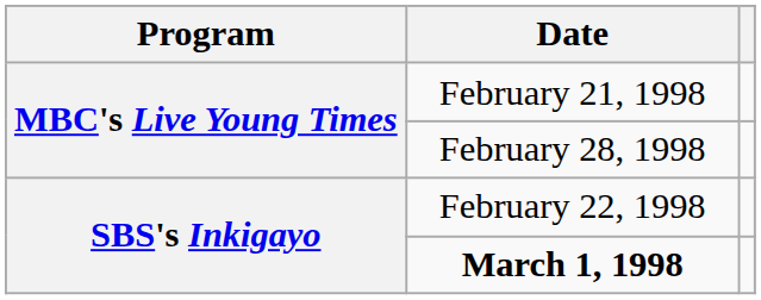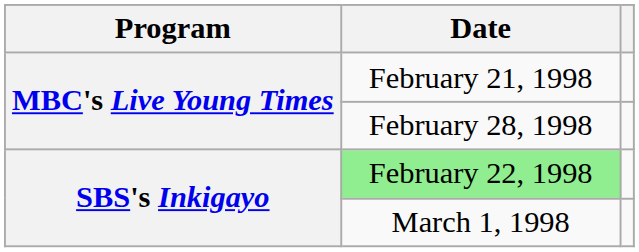 <table class="wikitable plainrowheaders" style="text-align:center">
 <tr>
 <th>Program</th>
 <th width="140">Date</th>
 <th class="unsortable"></th>
 </tr>
 <tr>
 <th scope="row" rowspan="2"><a href='#'>MBC</a>'s <em><a href='#'>Live Young Times</a></em></th>
 <td>February 21, 1998</td>
 <td></td>
 </tr>
 <tr>
 <td>February 28, 1998</td>
 <td></td>
 </tr>
 <tr>
 <th scope="row" rowspan="2"><a href='#'>SBS</a>'s <em><a href='#'>Inkigayo</a></em></th>
-<td>February 22, 1998</td>
+<td style="background: lightgreen;">February 22, 1998</td>
 <td></td>
 </tr>
 <tr>
-<td><strong>March 1, 1998</strong></td>
+<td>March 1, 1998</td>
 <td></td>
 </tr>
 </table>
